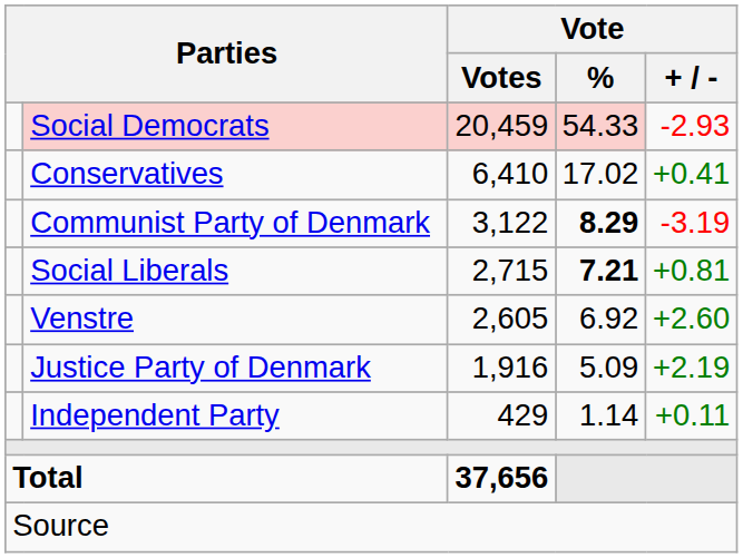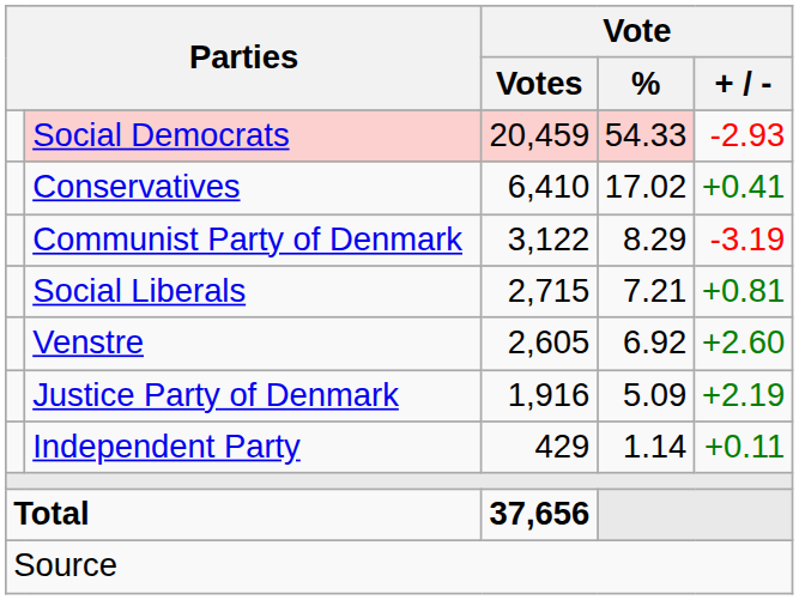 <table class="wikitable" style="text-align:right;">
 <tr>
 <th style="text-align:centre;" rowspan="2" colspan="2" width="225">Parties</th>
 <th colspan="3">Vote</th>
 </tr>
 <tr>
 <th width="15">Votes</th>
 <th width="15">%</th>
 <th width="15">+ / -</th>
 </tr>
 <tr>
 <td width="2" style="color:inherit;background:"></td>
 <td bgcolor=#fbd0ce  align="left"><a href='#'>Social Democrats</a></td>
 <td bgcolor=#fbd0ce>20,459</td>
 <td bgcolor=#fbd0ce>54.33</td>
 <td style=color:red;>-2.93</td>
 </tr>
 <tr>
 <td width="2" style="color:inherit;background:"></td>
 <td align="left"><a href='#'>Conservatives</a></td>
 <td>6,410</td>
 <td>17.02</td>
 <td style=color:green;>+0.41</td>
 </tr>
 <tr>
 <td width="2" style="color:inherit;background:"></td>
 <td align="left"><a href='#'>Communist Party of Denmark</a></td>
 <td>3,122</td>
-<td><strong>8.29</strong></td>
+<td>8.29</td>
 <td style=color:red;>-3.19</td>
 </tr>
 <tr>
 <td width="2" style="color:inherit;background:"></td>
 <td align="left"><a href='#'>Social Liberals</a></td>
 <td>2,715</td>
-<td><strong>7.21</strong></td>
+<td>7.21</td>
 <td style=color:green;>+0.81</td>
 </tr>
 <tr>
 <td width="2" style="color:inherit;background:"></td>
 <td align="left"><a href='#'>Venstre</a></td>
 <td>2,605</td>
 <td>6.92</td>
 <td style=color:green;>+2.60</td>
 </tr>
 <tr>
 <td width="2" style="color:inherit;background:"></td>
 <td align="left"><a href='#'>Justice Party of Denmark</a></td>
 <td>1,916</td>
 <td>5.09</td>
 <td style=color:green;>+2.19</td>
 </tr>
 <tr>
 <td width="2" style="color:inherit;background:"></td>
 <td align="left"><a href='#'>Independent Party</a></td>
 <td>429</td>
 <td>1.14</td>
 <td style=color:green;>+0.11</td>
 </tr>
 <tr>
 <td colspan="7" bgcolor="#E9E9E9"></td>
 </tr>
 <tr>
 <td align="left" colspan="2"><strong>Total</strong></td>
 <td><strong>37,656</strong></td>
 <td bgcolor="#E9E9E9" colspan="2"></td>
 </tr>
 <tr>
 <td align="left" colspan="6">Source</td>
 </tr>
 </table>
